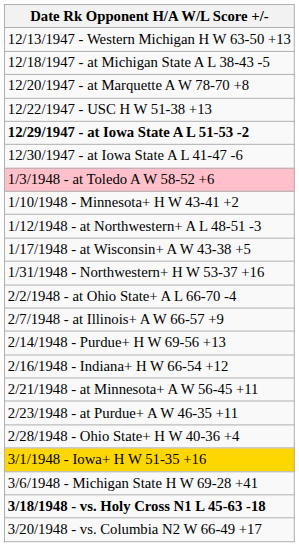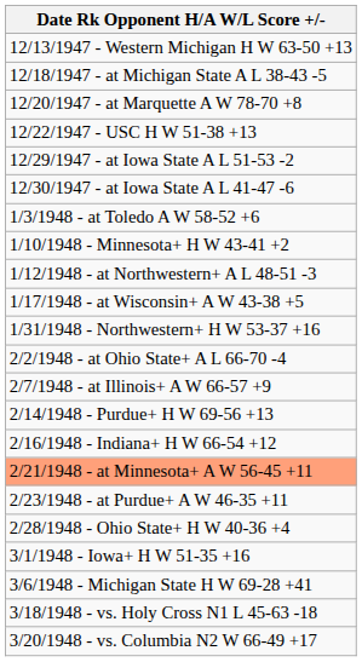 <table class="wikitable">
 <tr>
 <th>Date Rk Opponent H/A W/L Score +/-</th>
 </tr>
 <tr>
 <td>12/13/1947 - Western Michigan H W 63-50 +13</td>
 </tr>
 <tr>
 <td>12/18/1947 - at Michigan State A L 38-43 -5</td>
 </tr>
 <tr>
 <td>12/20/1947 - at Marquette A W 78-70 +8</td>
 </tr>
 <tr>
 <td>12/22/1947 - USC H W 51-38 +13</td>
 </tr>
 <tr>
-<td><strong>12/29/1947 - at Iowa State A L 51-53 -2</strong></td>
+<td>12/29/1947 - at Iowa State A L 51-53 -2</td>
 </tr>
 <tr>
 <td>12/30/1947 - at Iowa State A L 41-47 -6</td>
 </tr>
 <tr>
-<td style="background: pink;">1/3/1948 - at Toledo A W 58-52 +6</td>
+<td>1/3/1948 - at Toledo A W 58-52 +6</td>
 </tr>
 <tr>
 <td>1/10/1948 - Minnesota+ H W 43-41 +2</td>
 </tr>
 <tr>
 <td>1/12/1948 - at Northwestern+ A L 48-51 -3</td>
 </tr>
 <tr>
 <td>1/17/1948 - at Wisconsin+ A W 43-38 +5</td>
 </tr>
 <tr>
 <td>1/31/1948 - Northwestern+ H W 53-37 +16</td>
 </tr>
 <tr>
 <td>2/2/1948 - at Ohio State+ A L 66-70 -4</td>
 </tr>
 <tr>
 <td>2/7/1948 - at Illinois+ A W 66-57 +9</td>
 </tr>
 <tr>
 <td>2/14/1948 - Purdue+ H W 69-56 +13</td>
 </tr>
 <tr>
 <td>2/16/1948 - Indiana+ H W 66-54 +12</td>
 </tr>
 <tr>
-<td>2/21/1948 - at Minnesota+ A W 56-45 +11</td>
+<td style="background: lightsalmon;">2/21/1948 - at Minnesota+ A W 56-45 +11</td>
 </tr>
 <tr>
 <td>2/23/1948 - at Purdue+ A W 46-35 +11</td>
 </tr>
 <tr>
 <td>2/28/1948 - Ohio State+ H W 40-36 +4</td>
 </tr>
 <tr>
-<td style="background: gold;">3/1/1948 - Iowa+ H W 51-35 +16</td>
+<td>3/1/1948 - Iowa+ H W 51-35 +16</td>
 </tr>
 <tr>
 <td>3/6/1948 - Michigan State H W 69-28 +41</td>
 </tr>
 <tr>
-<td><strong>3/18/1948 - vs. Holy Cross N1 L 45-63 -18</strong></td>
+<td>3/18/1948 - vs. Holy Cross N1 L 45-63 -18</td>
 </tr>
 <tr>
 <td>3/20/1948 - vs. Columbia N2 W 66-49 +17</td>
 </tr>
 </table>
